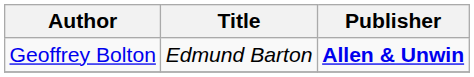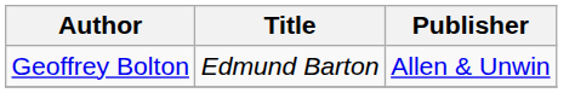 <table class="wikitable">
 <tr>
 <th>Author</th>
 <th>Title</th>
 <th>Publisher</th>
 </tr>
 <tr>
 <td><a href='#'>Geoffrey Bolton</a></td>
 <td><em>Edmund Barton</em></td>
-<td><strong><a href='#'>Allen & Unwin</a></strong></td>
+<td><a href='#'>Allen & Unwin</a></td>
 </tr>
 <tr>
 </tr>
 </table>
